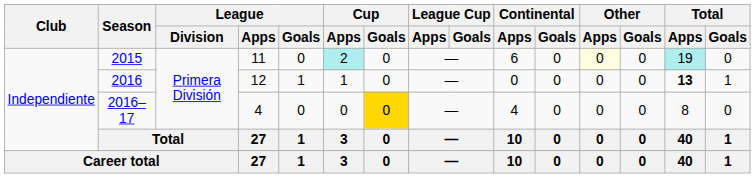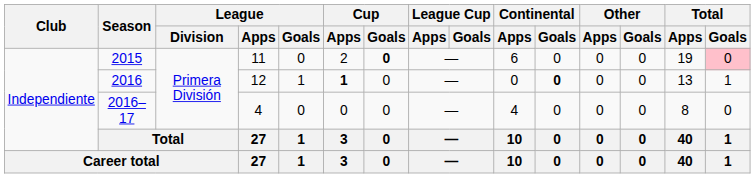 <table class="wikitable" style="text-align:center">
 <tr>
 <th rowspan="2">Club</th>
 <th rowspan="2">Season</th>
 <th colspan="3">League</th>
 <th colspan="2">Cup</th>
 <th colspan="2">League Cup</th>
 <th colspan="2">Continental</th>
 <th colspan="2">Other</th>
 <th colspan="2">Total</th>
 </tr>
 <tr>
 <th>Division</th>
 <th>Apps</th>
 <th>Goals</th>
 <th>Apps</th>
 <th>Goals</th>
 <th>Apps</th>
 <th>Goals</th>
 <th>Apps</th>
 <th>Goals</th>
 <th>Apps</th>
 <th>Goals</th>
 <th>Apps</th>
 <th>Goals</th>
 </tr>
 <tr>
 <td rowspan="4"><a href='#'>Independiente</a></td>
 <td><a href='#'>2015</a></td>
 <td rowspan="3"><a href='#'>Primera División</a></td>
 <td>11</td>
 <td>0</td>
-<td style="background: paleturquoise;">2</td>
-<td>0</td>
+<td>2</td>
+<td><strong>0</strong></td>
 <td colspan="2">—</td>
 <td>6</td>
 <td>0</td>
-<td style="background: lightyellow;">0</td>
 <td>0</td>
-<td style="background: paleturquoise;">19</td>
 <td>0</td>
+<td>19</td>
+<td style="background: pink;">0</td>
 </tr>
 <tr>
 <td><a href='#'>2016</a></td>
 <td>12</td>
 <td>1</td>
-<td>1</td>
+<td><strong>1</strong></td>
 <td>0</td>
 <td colspan="2">—</td>
 <td>0</td>
+<td><strong>0</strong></td>
 <td>0</td>
 <td>0</td>
-<td>0</td>
-<td><strong>13</strong></td>
+<td>13</td>
 <td>1</td>
 </tr>
 <tr>
 <td><a href='#'>2016–17</a></td>
 <td>4</td>
 <td>0</td>
 <td>0</td>
-<td style="background: gold;">0</td>
+<td>0</td>
 <td colspan="2">—</td>
 <td>4</td>
 <td>0</td>
 <td>0</td>
 <td>0</td>
 <td>8</td>
 <td>0</td>
 </tr>
 <tr>
 <th colspan="2">Total</th>
 <th>27</th>
 <th>1</th>
 <th>3</th>
 <th>0</th>
 <th colspan="2">—</th>
 <th>10</th>
 <th>0</th>
 <th>0</th>
 <th>0</th>
 <th>40</th>
 <th>1</th>
 </tr>
 <tr>
 <th colspan="3">Career total</th>
 <th>27</th>
 <th>1</th>
 <th>3</th>
 <th>0</th>
 <th colspan="2">—</th>
 <th>10</th>
 <th>0</th>
 <th>0</th>
 <th>0</th>
 <th>40</th>
 <th>1</th>
 </tr>
 </table>
